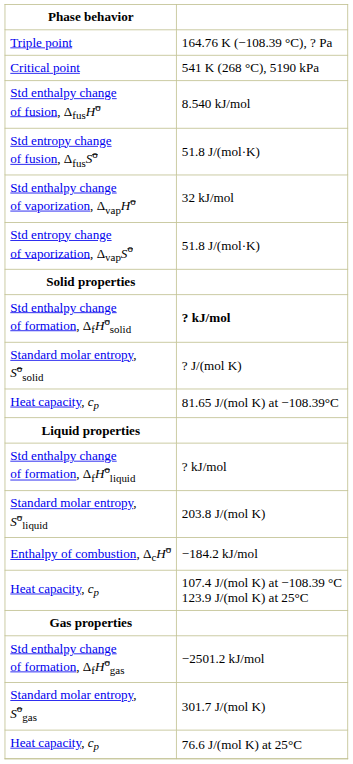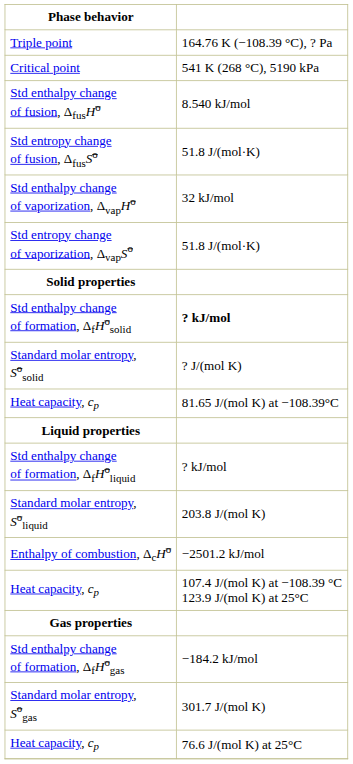 <table border="1" cellspacing="0" cellpadding="6" style="margin: 0 0 0 0.5em; background: #FFFFFF; border-collapse: collapse; border-color: #C0C090;">
 <tr>
 <th>Phase behavior</th>
 </tr>
 <tr>
 <td><a href='#'>Triple point</a></td>
 <td>164.76 K (−108.39 °C), ? Pa</td>
 </tr>
 <tr>
 <td><a href='#'>Critical point</a></td>
 <td>541 K (268 °C), 5190 kPa</td>
 </tr>
 <tr>
 <td><a href='#'>Std enthalpy change<br>of fusion</a>, Δ<sub>fus</sub><em>H</em><sup><s>o</s></sup></td>
 <td>8.540 kJ/mol</td>
 </tr>
 <tr>
 <td><a href='#'>Std entropy change<br>of fusion</a>, Δ<sub>fus</sub><em>S</em><sup><s>o</s></sup></td>
 <td>51.8 J/(mol·K)</td>
 </tr>
 <tr>
 <td><a href='#'>Std enthalpy change<br>of vaporization</a>, Δ<sub>vap</sub><em>H</em><sup><s>o</s></sup></td>
 <td>32 kJ/mol</td>
 </tr>
 <tr>
 <td><a href='#'>Std entropy change<br>of vaporization</a>, Δ<sub>vap</sub><em>S</em><sup><s>o</s></sup></td>
 <td>51.8	 J/(mol·K)</td>
 </tr>
 <tr>
 <th>Solid properties</th>
 </tr>
 <tr>
 <td><a href='#'>Std enthalpy change<br>of formation</a>, Δ<sub>f</sub><em>H</em><sup><s>o</s></sup><sub>solid</sub></td>
 <td><strong>? kJ/mol</strong></td>
 </tr>
 <tr>
 <td><a href='#'>Standard molar entropy</a>,<br><em>S</em><sup><s>o</s></sup><sub>solid</sub></td>
 <td>? J/(mol K)</td>
 </tr>
 <tr>
 <td><a href='#'>Heat capacity</a>, <em>c<sub>p</sub></em></td>
 <td>81.65 J/(mol K) at −108.39°C</td>
 </tr>
 <tr>
 <th>Liquid properties</th>
 </tr>
 <tr>
 <td><a href='#'>Std enthalpy change<br>of formation</a>, Δ<sub>f</sub><em>H</em><sup><s>o</s></sup><sub>liquid</sub></td>
 <td>? kJ/mol</td>
 </tr>
 <tr>
 <td><a href='#'>Standard molar entropy</a>,<br><em>S</em><sup><s>o</s></sup><sub>liquid</sub></td>
 <td>203.8 J/(mol K)</td>
 </tr>
 <tr>
 <td><a href='#'>Enthalpy of combustion</a>, Δ<sub>c</sub><em>H</em><sup><s>o</s></sup></td>
-<td>−184.2 kJ/mol</td>
+<td>−2501.2 kJ/mol</td>
 </tr>
 <tr>
 <td><a href='#'>Heat capacity</a>, <em>c<sub>p</sub></em></td>
 <td>107.4 J/(mol K) at −108.39 °C<br>123.9 J/(mol K) at 25°C</td>
 </tr>
 <tr>
 <th>Gas properties</th>
 </tr>
 <tr>
 <td><a href='#'>Std enthalpy change<br>of formation</a>, Δ<sub>f</sub><em>H</em><sup><s>o</s></sup><sub>gas</sub></td>
-<td>−2501.2 kJ/mol</td>
+<td>−184.2 kJ/mol</td>
 </tr>
 <tr>
 <td><a href='#'>Standard molar entropy</a>,<br><em>S</em><sup><s>o</s></sup><sub>gas</sub></td>
 <td>301.7 J/(mol K)</td>
 </tr>
 <tr>
 <td><a href='#'>Heat capacity</a>, <em>c<sub>p</sub></em></td>
 <td>76.6 J/(mol K) at 25°C</td>
 </tr>
 <tr>
 </tr>
 </table>
